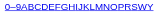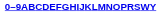 <table id="toc" class="toc" summary="Class">
 <tr>
 <th></th>
 </tr>
 <tr>
-<td style="text-align:center;"><a href='#'>0–9</a><a href='#'>A</a><a href='#'>B</a><a href='#'>C</a><a href='#'>D</a><a href='#'>E</a><a href='#'>F</a><a href='#'>G</a><a href='#'>H</a><a href='#'>I</a><a href='#'>J</a><a href='#'>K</a><a href='#'>L</a><a href='#'>M</a><a href='#'>N</a><a href='#'>O</a><a href='#'>P</a><a href='#'>R</a><a href='#'>S</a><a href='#'>W</a><a href='#'>Y</a></td>
+<td style="text-align:center;"><strong><a href='#'>0–9</a><a href='#'>A</a><a href='#'>B</a><a href='#'>C</a><a href='#'>D</a><a href='#'>E</a><a href='#'>F</a><a href='#'>G</a><a href='#'>H</a><a href='#'>I</a><a href='#'>J</a><a href='#'>K</a><a href='#'>L</a><a href='#'>M</a><a href='#'>N</a><a href='#'>O</a><a href='#'>P</a><a href='#'>R</a><a href='#'>S</a><a href='#'>W</a><a href='#'>Y</a></strong></td>
 </tr>
 </table>
